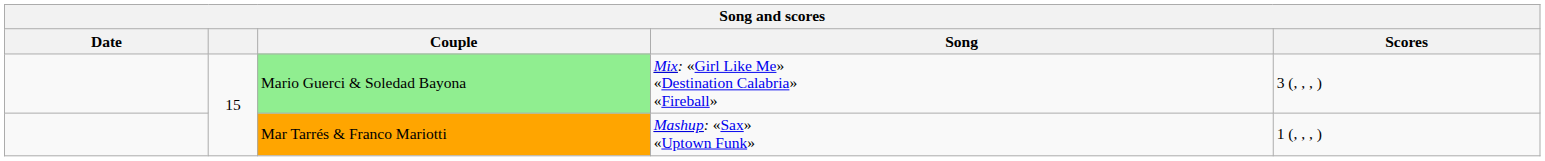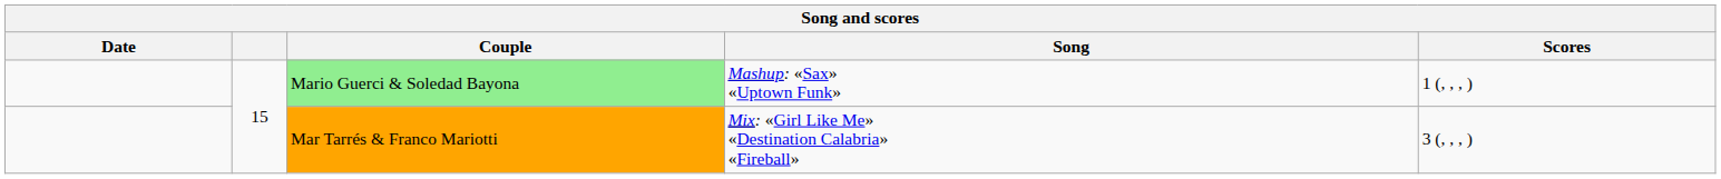 <table class="wikitable collapsible collapsed" style="text-align: align; width: 100%">
 <tr>
 <th colspan="11" style="with: 100%" align="center">Song and scores</th>
 </tr>
 <tr>
 <th width=90>Date</th>
 <th width=15></th>
 <th width=180>Couple</th>
 <th width=290>Song</th>
 <th width=120>Scores</th>
 </tr>
 <tr>
 <td></td>
 <td rowspan="2" align="center">15</td>
 <td style="background:lightgreen">Mario Guerci & Soledad Bayona</td>
-<td><em><u><a href='#'>Mix</a></u>:</em> «<a href='#'>Girl Like Me</a>» <br>«<a href='#'>Destination Calabria</a>» <br>«<a href='#'>Fireball</a>» </td>
-<td>3 (, , , )</td>
+<td><em><u><a href='#'>Mashup</a></u>:</em> «<a href='#'>Sax</a>» <br>«<a href='#'>Uptown Funk</a>» </td>
+<td>1 (, , , )</td>
 </tr>
 <tr>
 <td></td>
 <td style="background:orange">Mar Tarrés & Franco Mariotti</td>
-<td><em><u><a href='#'>Mashup</a></u>:</em> «<a href='#'>Sax</a>» <br>«<a href='#'>Uptown Funk</a>» </td>
-<td>1 (, , , )</td>
+<td><em><u><a href='#'>Mix</a></u>:</em> «<a href='#'>Girl Like Me</a>» <br>«<a href='#'>Destination Calabria</a>» <br>«<a href='#'>Fireball</a>» </td>
+<td>3 (, , , )</td>
 </tr>
 </table>
